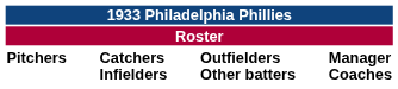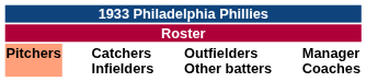 <table class="toccolours" style="font-size: 95%;">
 <tr>
 <th colspan="10" style="background-color: #0f437c; color: white; text-align: center;">1933 Philadelphia Phillies</th>
 </tr>
 <tr>
 <td colspan="10" style="background-color: #af0039; color: white; text-align: center;"><strong>Roster</strong></td>
 </tr>
 <tr>
-<td valign="top"><strong>Pitchers</strong><br>             </td>
+<td valign="top" style="background: lightsalmon;"><strong>Pitchers</strong><br>             </td>
 <td width="25px"></td>
 <td valign="top"><strong>Catchers</strong><br>   <strong>Infielders</strong>          </td>
 <td width="25px"></td>
 <td valign="top"><strong>Outfielders</strong><br>      <strong>Other batters</strong> </td>
 <td width="25px"></td>
 <td valign="top"><strong>Manager</strong><br> <strong>Coaches</strong> </td>
 </tr>
 </table>
